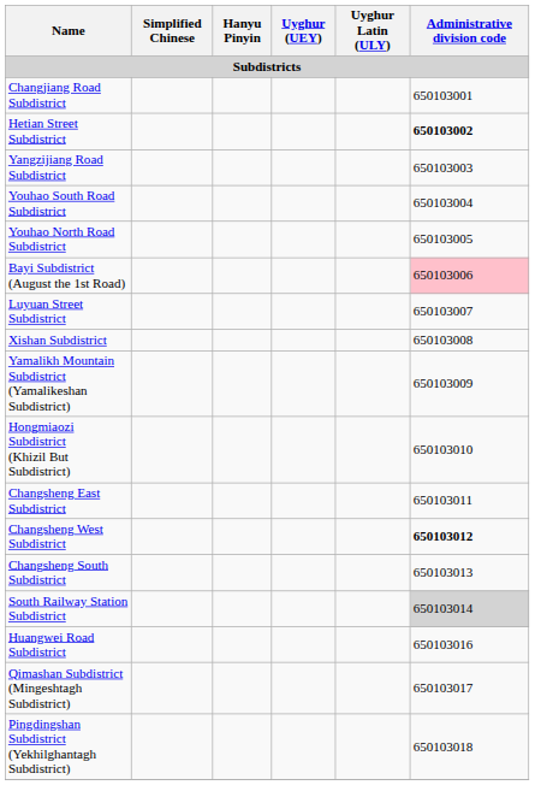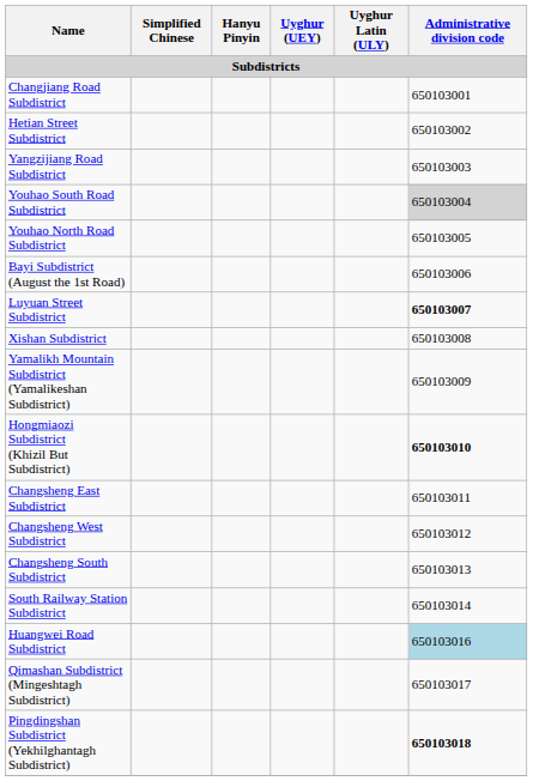 <table class="wikitable" align="center" style="width:50%; border="1">
 <tr>
 <th>Name</th>
 <th>Simplified Chinese</th>
 <th>Hanyu Pinyin</th>
 <th><a href='#'>Uyghur</a> (<a href='#'>UEY</a>)</th>
 <th>Uyghur Latin (<a href='#'>ULY</a>)</th>
 <th><a href='#'>Administrative division code</a></th>
 </tr>
 <tr>
 <td colspan="7"  style="text-align:center; background:#d3d3d3;"><strong>Subdistricts</strong></td>
 </tr>
 <tr --------->
 <td><a href='#'>Changjiang Road Subdistrict</a></td>
 <td></td>
 <td></td>
 <td></td>
 <td></td>
 <td>650103001</td>
 </tr>
 <tr>
 <td><a href='#'>Hetian Street Subdistrict</a></td>
 <td></td>
 <td></td>
 <td></td>
 <td></td>
-<td><strong>650103002</strong></td>
+<td>650103002</td>
 </tr>
 <tr>
 <td><a href='#'>Yangzijiang Road Subdistrict</a></td>
 <td></td>
 <td></td>
 <td></td>
 <td></td>
 <td>650103003</td>
 </tr>
 <tr>
 <td><a href='#'>Youhao South Road Subdistrict</a></td>
 <td></td>
 <td></td>
 <td></td>
 <td></td>
-<td>650103004</td>
+<td style="background: lightgrey;">650103004</td>
 </tr>
 <tr>
 <td><a href='#'>Youhao North Road Subdistrict</a></td>
 <td></td>
 <td></td>
 <td></td>
 <td></td>
 <td>650103005</td>
 </tr>
 <tr>
 <td><a href='#'>Bayi Subdistrict</a><br>(August the 1st Road)</td>
 <td></td>
 <td></td>
 <td></td>
 <td></td>
-<td style="background: pink;">650103006</td>
+<td>650103006</td>
 </tr>
 <tr>
 <td><a href='#'>Luyuan Street Subdistrict</a></td>
 <td></td>
 <td></td>
 <td></td>
 <td></td>
-<td>650103007</td>
+<td><strong>650103007</strong></td>
 </tr>
 <tr>
 <td><a href='#'>Xishan Subdistrict</a></td>
 <td></td>
 <td></td>
 <td></td>
 <td></td>
 <td>650103008</td>
 </tr>
 <tr>
 <td><a href='#'>Yamalikh Mountain Subdistrict</a><br>(Yamalikeshan Subdistrict)</td>
 <td></td>
 <td></td>
 <td></td>
 <td></td>
 <td>650103009</td>
 </tr>
 <tr>
 <td><a href='#'>Hongmiaozi Subdistrict</a><br>(Khizil But Subdistrict)</td>
 <td></td>
 <td></td>
 <td></td>
 <td></td>
-<td>650103010</td>
+<td><strong>650103010</strong></td>
 </tr>
 <tr>
 <td><a href='#'>Changsheng East Subdistrict</a></td>
 <td></td>
 <td></td>
 <td></td>
 <td></td>
 <td>650103011</td>
 </tr>
 <tr>
 <td><a href='#'>Changsheng West Subdistrict</a></td>
 <td></td>
 <td></td>
 <td></td>
 <td></td>
-<td><strong>650103012</strong></td>
+<td>650103012</td>
 </tr>
 <tr>
 <td><a href='#'>Changsheng South Subdistrict</a></td>
 <td></td>
 <td></td>
 <td></td>
 <td></td>
 <td>650103013</td>
 </tr>
 <tr>
 <td><a href='#'>South Railway Station Subdistrict</a></td>
 <td></td>
 <td></td>
 <td></td>
 <td></td>
-<td style="background: lightgrey;">650103014</td>
+<td>650103014</td>
 </tr>
 <tr>
 <td><a href='#'>Huangwei Road Subdistrict</a></td>
 <td></td>
 <td></td>
 <td></td>
 <td></td>
-<td>650103016</td>
+<td style="background: lightblue;">650103016</td>
 </tr>
 <tr>
 <td><a href='#'>Qimashan Subdistrict</a><br>(Mingeshtagh Subdistrict)</td>
 <td></td>
 <td></td>
 <td></td>
 <td></td>
 <td>650103017</td>
 </tr>
 <tr>
 <td><a href='#'>Pingdingshan Subdistrict</a><br>(Yekhilghantagh Subdistrict)</td>
 <td></td>
 <td></td>
 <td></td>
 <td></td>
-<td>650103018</td>
+<td><strong>650103018</strong></td>
 </tr>
 <tr>
 </tr>
 </table>
